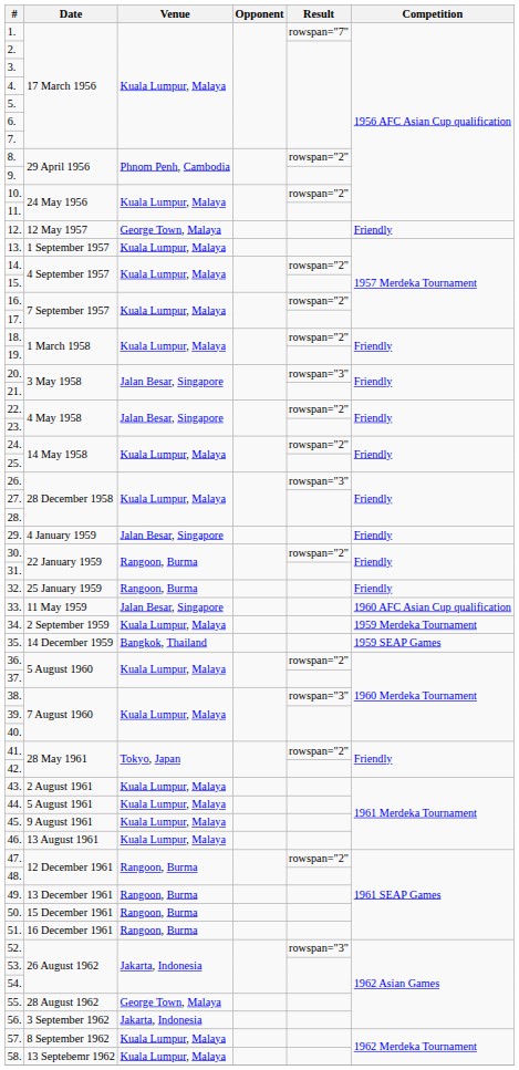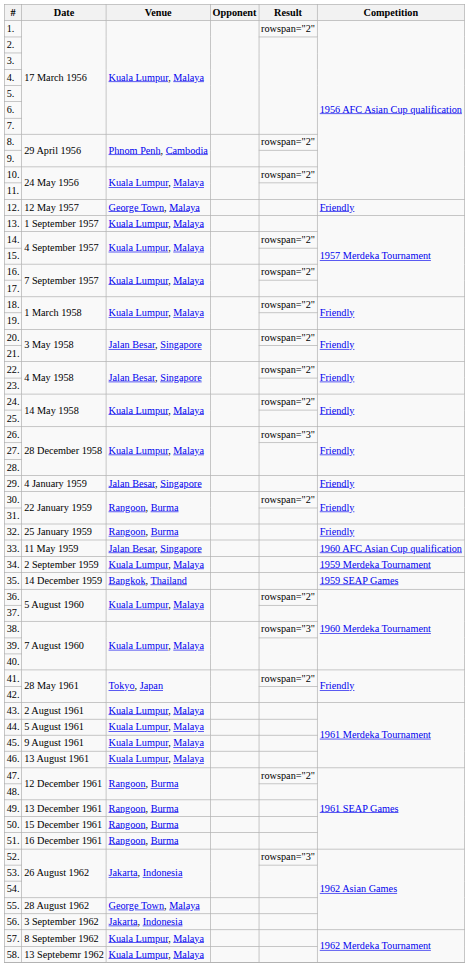 <table class="wikitable sortable">
 <tr>
 <th>#</th>
 <th>Date</th>
 <th>Venue</th>
 <th>Opponent</th>
 <th>Result</th>
 <th>Competition</th>
 </tr>
 <tr>
 <td>1.</td>
 <td rowspan="7">17 March 1956</td>
 <td rowspan="7"><a href='#'>Kuala Lumpur</a>, <a href='#'>Malaya</a></td>
 <td rowspan="7"></td>
-<td>rowspan="7" </td>
+<td>rowspan="2" </td>
 <td rowspan="11"><a href='#'>1956 AFC Asian Cup qualification</a></td>
 </tr>
 <tr>
 <td>2.</td>
 </tr>
 <tr>
 <td>3.</td>
 </tr>
 <tr>
 <td>4.</td>
 </tr>
 <tr>
 <td>5.</td>
 </tr>
 <tr>
 <td>6.</td>
 </tr>
 <tr>
 <td>7.</td>
 </tr>
 <tr>
 <td>8.</td>
 <td rowspan="2">29 April 1956</td>
 <td rowspan="2"><a href='#'>Phnom Penh</a>, <a href='#'>Cambodia</a></td>
 <td rowspan="2"></td>
 <td>rowspan="2" </td>
 </tr>
 <tr>
 <td>9.</td>
 </tr>
 <tr>
 <td>10.</td>
 <td rowspan="2">24 May 1956</td>
 <td rowspan="2"><a href='#'>Kuala Lumpur</a>, <a href='#'>Malaya</a></td>
 <td rowspan="2"></td>
 <td>rowspan="2" </td>
 </tr>
 <tr>
 <td>11.</td>
 </tr>
 <tr>
 <td>12.</td>
 <td>12 May 1957</td>
 <td><a href='#'>George Town</a>, <a href='#'>Malaya</a></td>
 <td></td>
 <td></td>
 <td><a href='#'>Friendly</a></td>
 </tr>
 <tr>
 <td>13.</td>
 <td>1 September 1957</td>
 <td><a href='#'>Kuala Lumpur</a>, <a href='#'>Malaya</a></td>
 <td></td>
 <td></td>
 <td rowspan="5"><a href='#'>1957 Merdeka Tournament</a></td>
 </tr>
 <tr>
 <td>14.</td>
 <td rowspan="2">4 September 1957</td>
 <td rowspan="2"><a href='#'>Kuala Lumpur</a>, <a href='#'>Malaya</a></td>
 <td rowspan="2"></td>
 <td>rowspan="2" </td>
 </tr>
 <tr>
 <td>15.</td>
 </tr>
 <tr>
 <td>16.</td>
 <td rowspan="2">7 September 1957</td>
 <td rowspan="2"><a href='#'>Kuala Lumpur</a>, <a href='#'>Malaya</a></td>
 <td rowspan="2"></td>
 <td>rowspan="2" </td>
 </tr>
 <tr>
 <td>17.</td>
 </tr>
 <tr>
 <td>18.</td>
 <td rowspan="2">1 March 1958</td>
 <td rowspan="2"><a href='#'>Kuala Lumpur</a>, <a href='#'>Malaya</a></td>
 <td rowspan="2"></td>
 <td>rowspan="2" </td>
 <td rowspan="2"><a href='#'>Friendly</a></td>
 </tr>
 <tr>
 <td>19.</td>
 </tr>
 <tr>
 <td>20.</td>
 <td rowspan="2">3 May 1958</td>
 <td rowspan="2"><a href='#'>Jalan Besar</a>, <a href='#'>Singapore</a></td>
 <td rowspan="2"></td>
-<td>rowspan="3" </td>
+<td>rowspan="2" </td>
 <td rowspan="2"><a href='#'>Friendly</a></td>
 </tr>
 <tr>
 <td>21.</td>
 </tr>
 <tr>
 <td>22.</td>
 <td rowspan="2">4 May 1958</td>
 <td rowspan="2"><a href='#'>Jalan Besar</a>, <a href='#'>Singapore</a></td>
 <td rowspan="2"></td>
 <td>rowspan="2" </td>
 <td rowspan="2"><a href='#'>Friendly</a></td>
 </tr>
 <tr>
 <td>23.</td>
 </tr>
 <tr>
 <td>24.</td>
 <td rowspan="2">14 May 1958</td>
 <td rowspan="2"><a href='#'>Kuala Lumpur</a>, <a href='#'>Malaya</a></td>
 <td rowspan="2"></td>
 <td>rowspan="2" </td>
 <td rowspan="2"><a href='#'>Friendly</a></td>
 </tr>
 <tr>
 <td>25.</td>
 </tr>
 <tr>
 <td>26.</td>
 <td rowspan="3">28 December 1958</td>
 <td rowspan="3"><a href='#'>Kuala Lumpur</a>, <a href='#'>Malaya</a></td>
 <td rowspan="3"></td>
 <td>rowspan="3" </td>
 <td rowspan="3"><a href='#'>Friendly</a></td>
 </tr>
 <tr>
 <td>27.</td>
 </tr>
 <tr>
 <td>28.</td>
 </tr>
 <tr>
 <td>29.</td>
 <td>4 January 1959</td>
 <td><a href='#'>Jalan Besar</a>, <a href='#'>Singapore</a></td>
 <td></td>
 <td></td>
 <td><a href='#'>Friendly</a></td>
 </tr>
 <tr>
 <td>30.</td>
 <td rowspan="2">22 January 1959</td>
 <td rowspan="2"><a href='#'>Rangoon</a>, <a href='#'>Burma</a></td>
 <td rowspan="2"></td>
 <td>rowspan="2" </td>
 <td rowspan="2"><a href='#'>Friendly</a></td>
 </tr>
 <tr>
 <td>31.</td>
 </tr>
 <tr>
 <td>32.</td>
 <td>25 January 1959</td>
 <td><a href='#'>Rangoon</a>, <a href='#'>Burma</a></td>
 <td></td>
 <td></td>
 <td><a href='#'>Friendly</a></td>
 </tr>
 <tr>
 <td>33.</td>
 <td>11 May 1959</td>
 <td><a href='#'>Jalan Besar</a>, <a href='#'>Singapore</a></td>
 <td></td>
 <td></td>
 <td><a href='#'>1960 AFC Asian Cup qualification</a></td>
 </tr>
 <tr>
 <td>34.</td>
 <td>2 September 1959</td>
 <td><a href='#'>Kuala Lumpur</a>, <a href='#'>Malaya</a></td>
 <td></td>
 <td></td>
 <td><a href='#'>1959 Merdeka Tournament</a></td>
 </tr>
 <tr>
 <td>35.</td>
 <td>14 December 1959</td>
 <td><a href='#'>Bangkok</a>, <a href='#'>Thailand</a></td>
 <td></td>
 <td></td>
 <td><a href='#'>1959 SEAP Games</a></td>
 </tr>
 <tr>
 <td>36.</td>
 <td rowspan="2">5 August 1960</td>
 <td rowspan="2"><a href='#'>Kuala Lumpur</a>, <a href='#'>Malaya</a></td>
 <td rowspan="2"></td>
 <td>rowspan="2" </td>
 <td rowspan="5"><a href='#'>1960 Merdeka Tournament</a></td>
 </tr>
 <tr>
 <td>37.</td>
 </tr>
 <tr>
 <td>38.</td>
 <td rowspan="3">7 August 1960</td>
 <td rowspan="3"><a href='#'>Kuala Lumpur</a>, <a href='#'>Malaya</a></td>
 <td rowspan="3"></td>
 <td>rowspan="3" </td>
 </tr>
 <tr>
 <td>39.</td>
 </tr>
 <tr>
 <td>40.</td>
 </tr>
 <tr>
 <td>41.</td>
 <td rowspan="2">28 May 1961</td>
 <td rowspan="2"><a href='#'>Tokyo</a>, <a href='#'>Japan</a></td>
 <td rowspan="2"></td>
 <td>rowspan="2" </td>
 <td rowspan="2"><a href='#'>Friendly</a></td>
 </tr>
 <tr>
 <td>42.</td>
 </tr>
 <tr>
 <td>43.</td>
 <td>2 August 1961</td>
 <td><a href='#'>Kuala Lumpur</a>, <a href='#'>Malaya</a></td>
 <td></td>
 <td></td>
 <td rowspan="4"><a href='#'>1961 Merdeka Tournament</a></td>
 </tr>
 <tr>
 <td>44.</td>
 <td>5 August 1961</td>
 <td><a href='#'>Kuala Lumpur</a>, <a href='#'>Malaya</a></td>
 <td></td>
 <td></td>
 </tr>
 <tr>
 <td>45.</td>
 <td>9 August 1961</td>
 <td><a href='#'>Kuala Lumpur</a>, <a href='#'>Malaya</a></td>
 <td></td>
 <td></td>
 </tr>
 <tr>
 <td>46.</td>
 <td>13 August 1961</td>
 <td><a href='#'>Kuala Lumpur</a>, <a href='#'>Malaya</a></td>
 <td></td>
 <td></td>
 </tr>
 <tr>
 <td>47.</td>
 <td rowspan="2">12 December 1961</td>
 <td rowspan="2"><a href='#'>Rangoon</a>, <a href='#'>Burma</a></td>
 <td rowspan="2"></td>
 <td>rowspan="2" </td>
 <td rowspan="5"><a href='#'>1961 SEAP Games</a></td>
 </tr>
 <tr>
 <td>48.</td>
 </tr>
 <tr>
 <td>49.</td>
 <td>13 December 1961</td>
 <td><a href='#'>Rangoon</a>, <a href='#'>Burma</a></td>
 <td></td>
 <td></td>
 </tr>
 <tr>
 <td>50.</td>
 <td>15 December 1961</td>
 <td><a href='#'>Rangoon</a>, <a href='#'>Burma</a></td>
 <td></td>
 <td></td>
 </tr>
 <tr>
 <td>51.</td>
 <td>16 December 1961</td>
 <td><a href='#'>Rangoon</a>, <a href='#'>Burma</a></td>
 <td></td>
 <td></td>
 </tr>
 <tr>
 <td>52.</td>
 <td rowspan="3">26 August 1962</td>
 <td rowspan="3"><a href='#'>Jakarta</a>, <a href='#'>Indonesia</a></td>
 <td rowspan="3"></td>
 <td>rowspan="3" </td>
 <td rowspan="5"><a href='#'>1962 Asian Games</a></td>
 </tr>
 <tr>
 <td>53.</td>
 </tr>
 <tr>
 <td>54.</td>
 </tr>
 <tr>
 <td>55.</td>
 <td>28 August 1962</td>
 <td><a href='#'>George Town</a>, <a href='#'>Malaya</a></td>
 <td></td>
 <td></td>
 </tr>
 <tr>
 <td>56.</td>
 <td>3 September 1962</td>
 <td><a href='#'>Jakarta</a>, <a href='#'>Indonesia</a></td>
 <td></td>
 <td></td>
 </tr>
 <tr>
 <td>57.</td>
 <td>8 September 1962</td>
 <td><a href='#'>Kuala Lumpur</a>, <a href='#'>Malaya</a></td>
 <td></td>
 <td></td>
 <td rowspan="2"><a href='#'>1962 Merdeka Tournament</a></td>
 </tr>
 <tr>
 <td>58.</td>
 <td>13 Septebemr 1962</td>
 <td><a href='#'>Kuala Lumpur</a>, <a href='#'>Malaya</a></td>
 <td></td>
 <td></td>
 </tr>
 <tr>
 </tr>
 </table>
